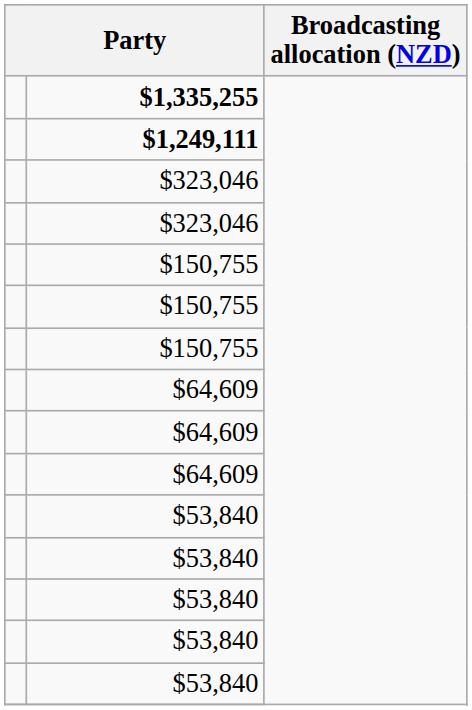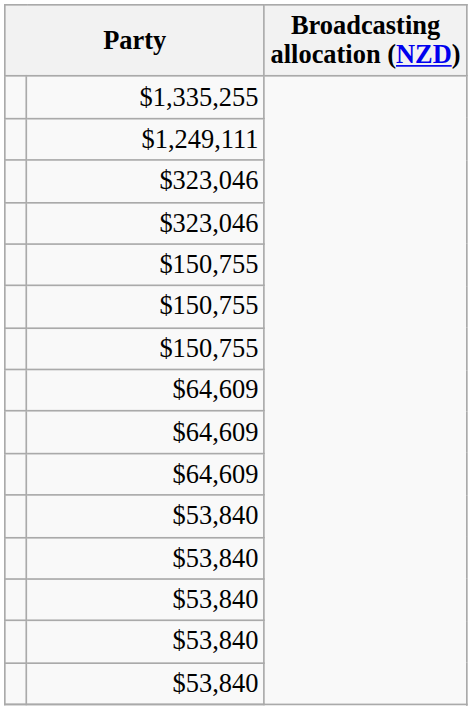 <table class="wikitable">
 <tr>
 <th colspan=2 style="width:150px">Party</th>
 <th>Broadcasting<br>allocation (<a href='#'>NZD</a>)</th>
 </tr>
 <tr>
 <td></td>
-<td style="text-align:right;"><strong>$1,335,255</strong></td>
+<td style="text-align:right;">$1,335,255</td>
 </tr>
 <tr>
 <td></td>
-<td style="text-align:right;"><strong>$1,249,111</strong></td>
+<td style="text-align:right;">$1,249,111</td>
 </tr>
 <tr>
 <td></td>
 <td style="text-align:right;">$323,046</td>
 </tr>
 <tr>
 <td></td>
 <td style="text-align:right;">$323,046</td>
 </tr>
 <tr>
 <td></td>
 <td style="text-align:right;">$150,755</td>
 </tr>
 <tr>
 <td></td>
 <td style="text-align:right;">$150,755</td>
 </tr>
 <tr>
 <td></td>
 <td style="text-align:right;">$150,755</td>
 </tr>
 <tr>
 <td></td>
 <td style="text-align:right;">$64,609</td>
 </tr>
 <tr>
 <td></td>
 <td style="text-align:right;">$64,609</td>
 </tr>
 <tr>
 <td></td>
 <td style="text-align:right;">$64,609</td>
 </tr>
 <tr>
 <td></td>
 <td style="text-align:right;">$53,840</td>
 </tr>
 <tr>
 <td></td>
 <td style="text-align:right;">$53,840</td>
 </tr>
 <tr>
 <td></td>
 <td style="text-align:right;">$53,840</td>
 </tr>
 <tr>
 <td></td>
 <td style="text-align:right;">$53,840</td>
 </tr>
 <tr>
 <td></td>
 <td style="text-align:right;">$53,840</td>
 </tr>
 <tr>
 </tr>
 </table>
